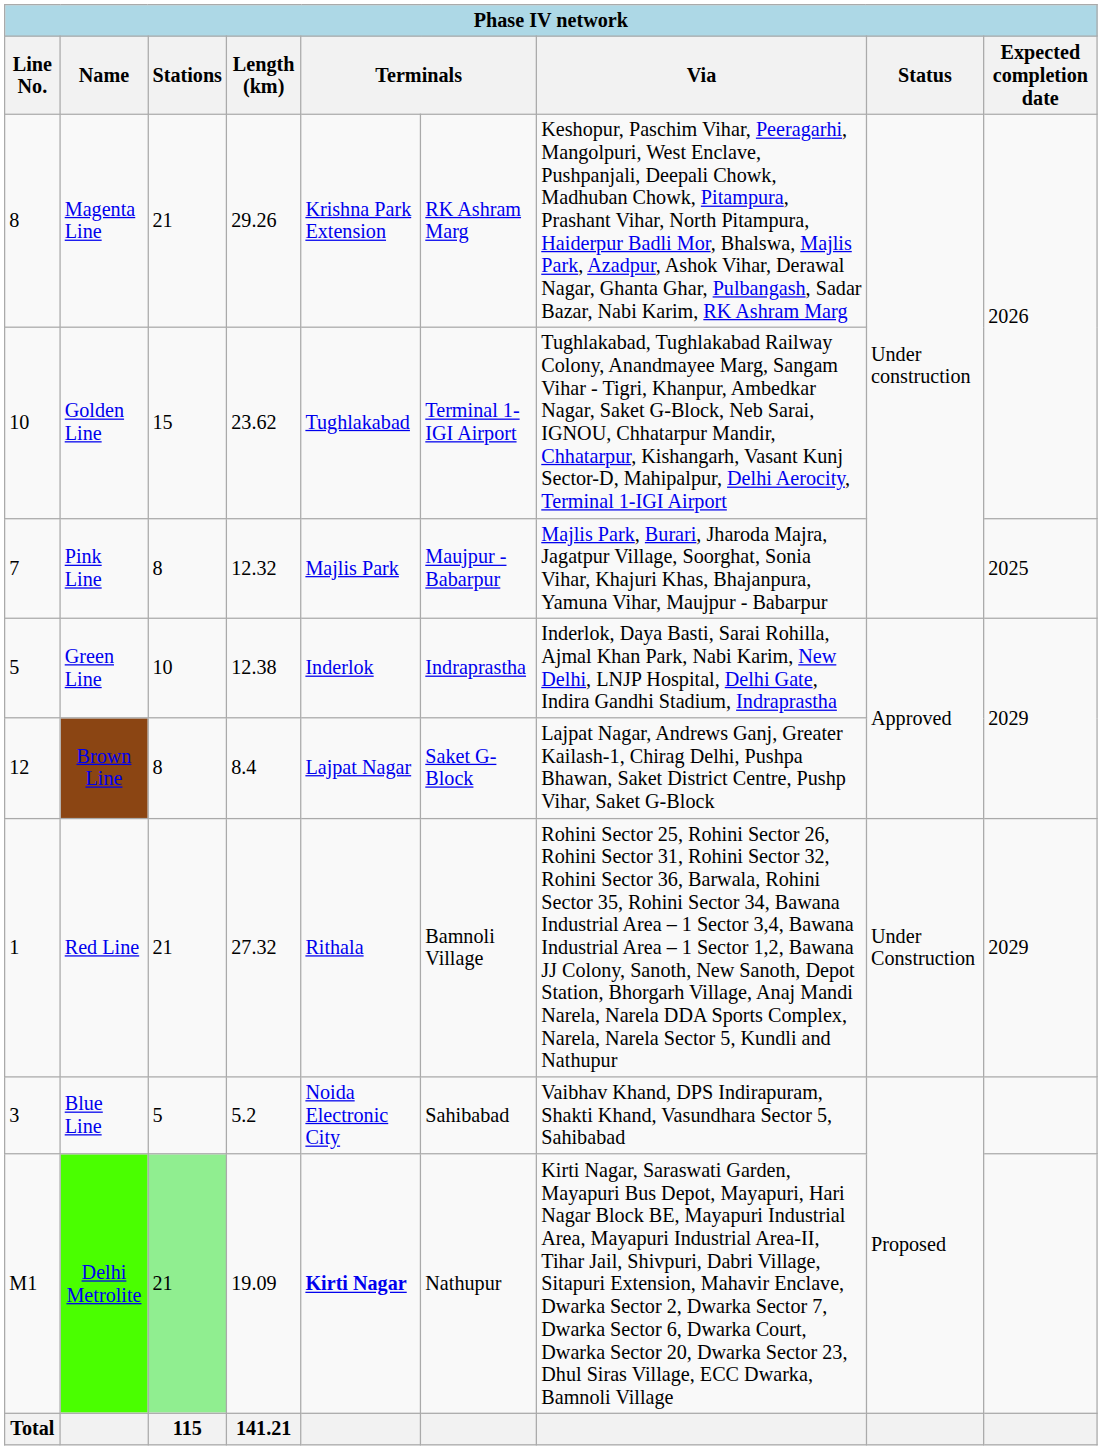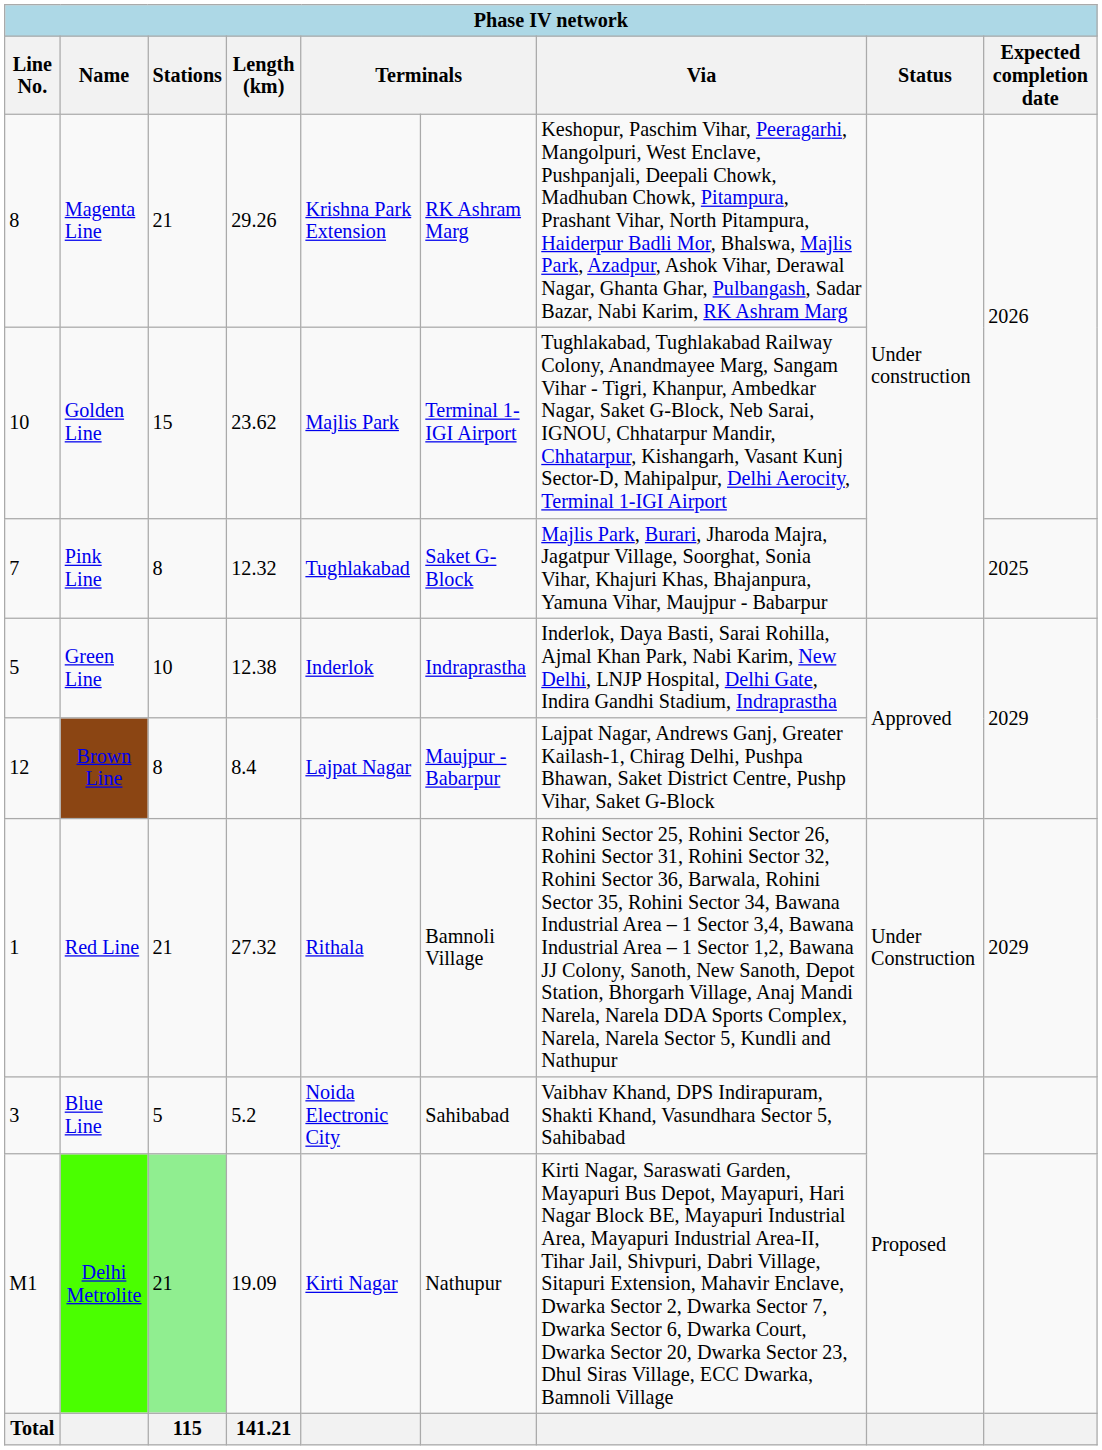 <table class="wikitable sortable">
 <tr>
 <th colspan="9" style="background:#ADD8E6;">Phase IV network</th>
 </tr>
 <tr>
 <th>Line No.</th>
 <th>Name</th>
 <th>Stations</th>
 <th>Length (km)</th>
 <th colspan="2">Terminals</th>
 <th>Via</th>
 <th>Status</th>
 <th>Expected completion date</th>
 </tr>
 <tr>
 <td>8</td>
 <td style="background:#"><a href='#'><span>Magenta Line</span></a></td>
 <td>21</td>
 <td>29.26</td>
 <td><a href='#'>Krishna Park Extension</a></td>
 <td><a href='#'>RK Ashram Marg</a></td>
 <td>Keshopur, Paschim Vihar, <a href='#'>Peeragarhi</a>, Mangolpuri, West Enclave, Pushpanjali, Deepali Chowk, Madhuban Chowk, <a href='#'>Pitampura</a>, Prashant Vihar, North Pitampura, <a href='#'>Haiderpur Badli Mor</a>, Bhalswa, <a href='#'>Majlis Park</a>, <a href='#'>Azadpur</a>, Ashok Vihar, Derawal Nagar, Ghanta Ghar, <a href='#'>Pulbangash</a>, Sadar Bazar, Nabi Karim, <a href='#'>RK Ashram Marg</a></td>
 <td rowspan="3">Under construction</td>
 <td rowspan="2">2026</td>
 </tr>
 <tr>
 <td>10</td>
 <td style="background:#"><a href='#'><span>Golden Line</span></a></td>
 <td>15</td>
 <td>23.62</td>
-<td><a href='#'>Tughlakabad</a></td>
+<td><a href='#'>Majlis Park</a></td>
 <td><a href='#'>Terminal 1-IGI Airport</a></td>
 <td>Tughlakabad, Tughlakabad Railway Colony, Anandmayee Marg, Sangam Vihar - Tigri, Khanpur, Ambedkar Nagar, Saket G-Block, Neb Sarai, IGNOU, Chhatarpur Mandir, <a href='#'>Chhatarpur</a>, Kishangarh, Vasant Kunj Sector-D, Mahipalpur, <a href='#'>Delhi Aerocity</a>, <a href='#'>Terminal 1-IGI Airport</a></td>
 </tr>
 <tr>
 <td>7</td>
 <td style="background:#"><a href='#'><span>Pink Line</span></a></td>
 <td>8</td>
 <td>12.32</td>
-<td><a href='#'>Majlis Park</a></td>
-<td><a href='#'>Maujpur - Babarpur</a></td>
+<td><a href='#'>Tughlakabad</a></td>
+<td><a href='#'>Saket G-Block</a></td>
 <td><a href='#'>Majlis Park</a>, <a href='#'>Burari</a>, Jharoda Majra, Jagatpur Village, Soorghat, Sonia Vihar, Khajuri Khas, Bhajanpura, Yamuna Vihar, Maujpur - Babarpur</td>
 <td>2025</td>
 </tr>
 <tr>
 <td>5</td>
 <td style="background:#"><a href='#'><span>Green Line</span></a></td>
 <td>10</td>
 <td>12.38</td>
 <td><a href='#'>Inderlok</a></td>
 <td><a href='#'>Indraprastha</a></td>
 <td>Inderlok, Daya Basti, Sarai Rohilla, Ajmal Khan Park, Nabi Karim, <a href='#'>New Delhi</a>, LNJP Hospital, <a href='#'>Delhi Gate</a>, Indira Gandhi Stadium, <a href='#'>Indraprastha</a></td>
 <td rowspan="2">Approved</td>
 <td rowspan="2">2029</td>
 </tr>
 <tr>
 <td>12</td>
 <td style="background:#8B4513;text-align:center;"><a href='#'><span>Brown Line</span></a></td>
 <td>8</td>
 <td>8.4</td>
 <td><a href='#'>Lajpat Nagar</a></td>
-<td><a href='#'>Saket G-Block</a></td>
+<td><a href='#'>Maujpur - Babarpur</a></td>
 <td>Lajpat Nagar, Andrews Ganj, Greater Kailash-1, Chirag Delhi, Pushpa Bhawan, Saket District Centre, Pushp Vihar, Saket G-Block</td>
 </tr>
 <tr>
 <td>1</td>
 <td style="background:#"><a href='#'><span>Red Line</span></a></td>
 <td>21</td>
 <td>27.32</td>
 <td><a href='#'>Rithala</a></td>
 <td>Bamnoli Village</td>
 <td>Rohini Sector 25, Rohini Sector 26, Rohini Sector 31, Rohini Sector 32, Rohini Sector 36, Barwala, Rohini Sector 35, Rohini Sector 34, Bawana Industrial Area – 1 Sector 3,4, Bawana Industrial Area – 1 Sector 1,2, Bawana JJ Colony, Sanoth, New Sanoth, Depot Station, Bhorgarh Village, Anaj Mandi Narela, Narela DDA Sports Complex, Narela, Narela Sector 5, Kundli and Nathupur</td>
 <td>Under Construction</td>
 <td>2029</td>
 </tr>
 <tr>
 <td>3</td>
 <td style="background:#"><a href='#'><span>Blue Line</span></a></td>
 <td>5</td>
 <td>5.2</td>
 <td><a href='#'>Noida Electronic City</a></td>
 <td>Sahibabad</td>
 <td>Vaibhav Khand, DPS Indirapuram, Shakti Khand, Vasundhara Sector 5, Sahibabad</td>
 <td rowspan="2">Proposed</td>
 <td></td>
 </tr>
 <tr>
 <td>M1</td>
 <td style="background:#4AFF00;text-align:center;"><a href='#'><span>Delhi Metrolite</span></a></td>
 <td style="background: lightgreen;">21</td>
 <td>19.09</td>
-<td><strong><a href='#'>Kirti Nagar</a></strong></td>
+<td><a href='#'>Kirti Nagar</a></td>
 <td>Nathupur</td>
 <td>Kirti Nagar, Saraswati Garden, Mayapuri Bus Depot, Mayapuri, Hari Nagar Block BE, Mayapuri Industrial Area, Mayapuri Industrial Area-II, Tihar Jail, Shivpuri, Dabri Village, Sitapuri Extension, Mahavir Enclave, Dwarka Sector 2, Dwarka Sector 7, Dwarka Sector 6, Dwarka Court, Dwarka Sector 20, Dwarka Sector 23, Dhul Siras Village, ECC Dwarka, Bamnoli Village</td>
 <td></td>
 </tr>
 <tr>
 <th>Total</th>
 <th></th>
 <th>115</th>
 <th>141.21</th>
 <th></th>
 <th></th>
 <th></th>
 <th></th>
 <th></th>
 </tr>
 </table>
